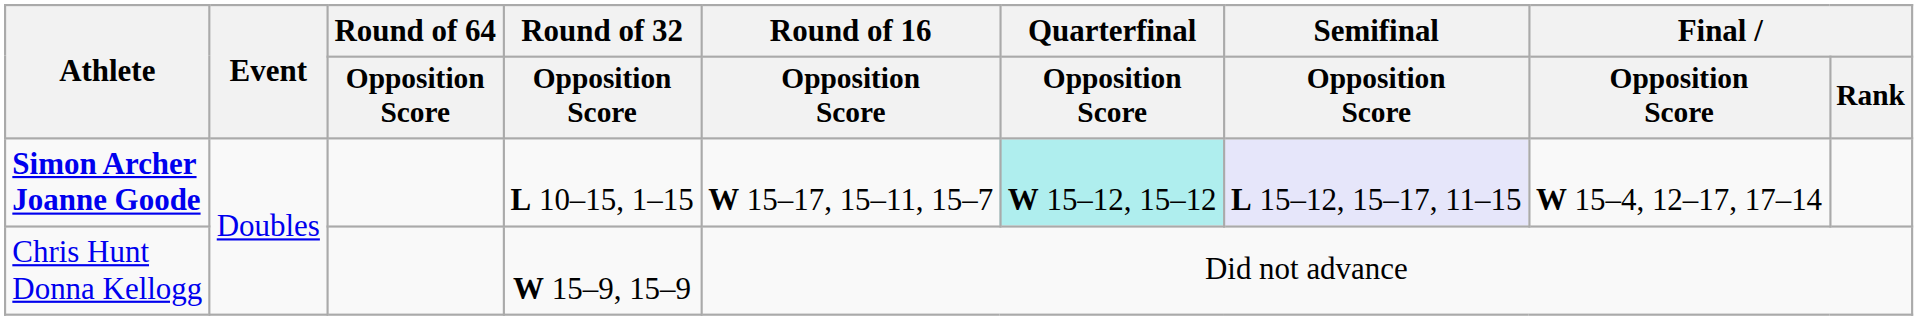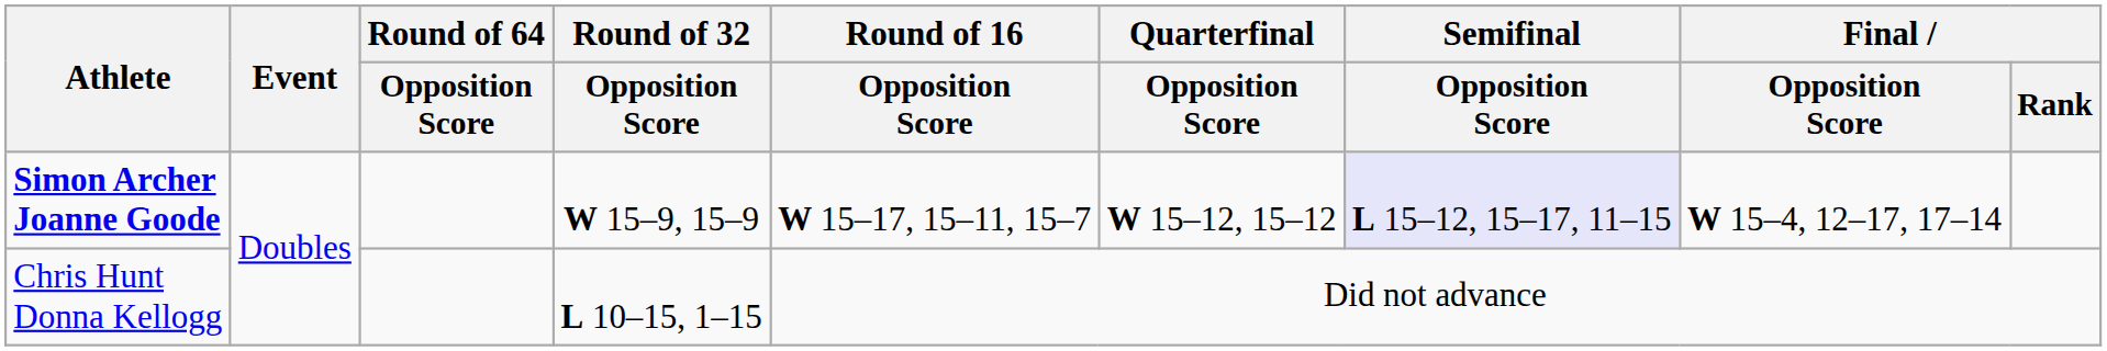 <table class=wikitable style="font-size:90%">
 <tr>
 <th rowspan="2">Athlete</th>
 <th rowspan="2">Event</th>
 <th>Round of 64</th>
 <th>Round of 32</th>
 <th>Round of 16</th>
 <th>Quarterfinal</th>
 <th>Semifinal</th>
 <th colspan=2>Final / </th>
 </tr>
 <tr style="font-size:95%">
 <th>Opposition<br>Score</th>
 <th>Opposition<br>Score</th>
 <th>Opposition<br>Score</th>
 <th>Opposition<br>Score</th>
 <th>Opposition<br>Score</th>
 <th>Opposition<br>Score</th>
 <th>Rank</th>
 </tr>
 <tr align=center>
 <td align=left><strong><a href='#'>Simon Archer</a><br><a href='#'>Joanne Goode</a></strong></td>
 <td align=left rowspan="2"><a href='#'>Doubles</a></td>
 <td></td>
-<td><br><strong>L</strong> 10–15, 1–15</td>
+<td><br><strong>W</strong> 15–9, 15–9</td>
 <td><br><strong>W</strong> 15–17, 15–11, 15–7</td>
-<td style="background: paleturquoise;"><br><strong>W</strong> 15–12, 15–12</td>
+<td><br><strong>W</strong> 15–12, 15–12</td>
 <td style="background: lavender;"><br><strong>L</strong> 15–12, 15–17, 11–15</td>
 <td><br><strong>W</strong> 15–4, 12–17, 17–14</td>
 <td></td>
 </tr>
 <tr align=center>
 <td align=left><a href='#'>Chris Hunt</a><br><a href='#'>Donna Kellogg</a></td>
 <td></td>
-<td><br><strong>W</strong> 15–9, 15–9</td>
+<td><br><strong>L</strong> 10–15, 1–15</td>
 <td colspan=5>Did not advance</td>
 </tr>
 </table>
